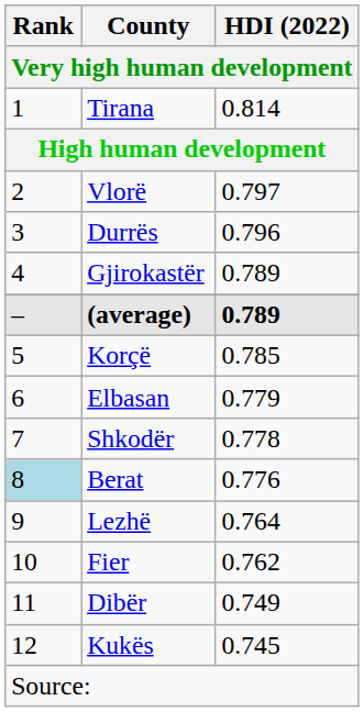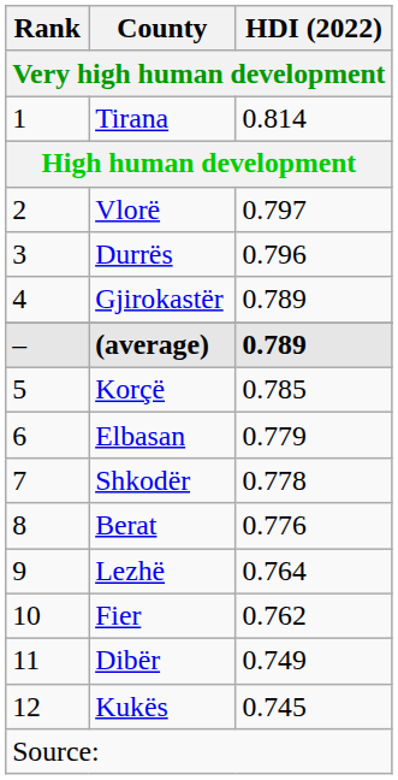 <table class="wikitable sortable">
 <tr>
 <th>Rank</th>
 <th>County</th>
 <th>HDI (2022)</th>
 </tr>
 <tr>
 <th colspan="3" style="color:#090;">Very high human development</th>
 </tr>
 <tr>
 <td>1</td>
 <td> <a href='#'>Tirana</a></td>
 <td>0.814</td>
 </tr>
 <tr>
 <th colspan="3" style="color:#0c0;">High human development</th>
 </tr>
 <tr>
 <td>2</td>
 <td> <a href='#'>Vlorë</a></td>
 <td>0.797</td>
 </tr>
 <tr>
 <td>3</td>
 <td> <a href='#'>Durrës</a></td>
 <td>0.796</td>
 </tr>
 <tr>
 <td>4</td>
 <td> <a href='#'>Gjirokastër</a></td>
 <td>0.789</td>
 </tr>
 <tr style="background:#e6e6e6">
 </tr>
 <tr style="background:#e6e6e6">
 <td>–</td>
 <td><strong></strong> <strong>(average)</strong></td>
 <td><strong>0.789</strong></td>
 </tr>
 <tr>
 <td>5</td>
 <td> <a href='#'>Korçë</a></td>
 <td>0.785</td>
 </tr>
 <tr>
 <td>6</td>
 <td> <a href='#'>Elbasan</a></td>
 <td>0.779</td>
 </tr>
 <tr>
 <td>7</td>
 <td> <a href='#'>Shkodër</a></td>
 <td>0.778</td>
 </tr>
 <tr>
-<td style="background: lightblue;">8</td>
+<td>8</td>
 <td> <a href='#'>Berat</a></td>
 <td>0.776</td>
 </tr>
 <tr>
 <td>9</td>
 <td> <a href='#'>Lezhë</a></td>
 <td>0.764</td>
 </tr>
 <tr>
 <td>10</td>
 <td> <a href='#'>Fier</a></td>
 <td>0.762</td>
 </tr>
 <tr>
 <td>11</td>
 <td> <a href='#'>Dibër</a></td>
 <td>0.749</td>
 </tr>
 <tr>
 <td>12</td>
 <td> <a href='#'>Kukës</a></td>
 <td>0.745</td>
 </tr>
 <tr class="sortbottom">
 <td colspan="19" align="left">Source:</td>
 </tr>
 </table>
